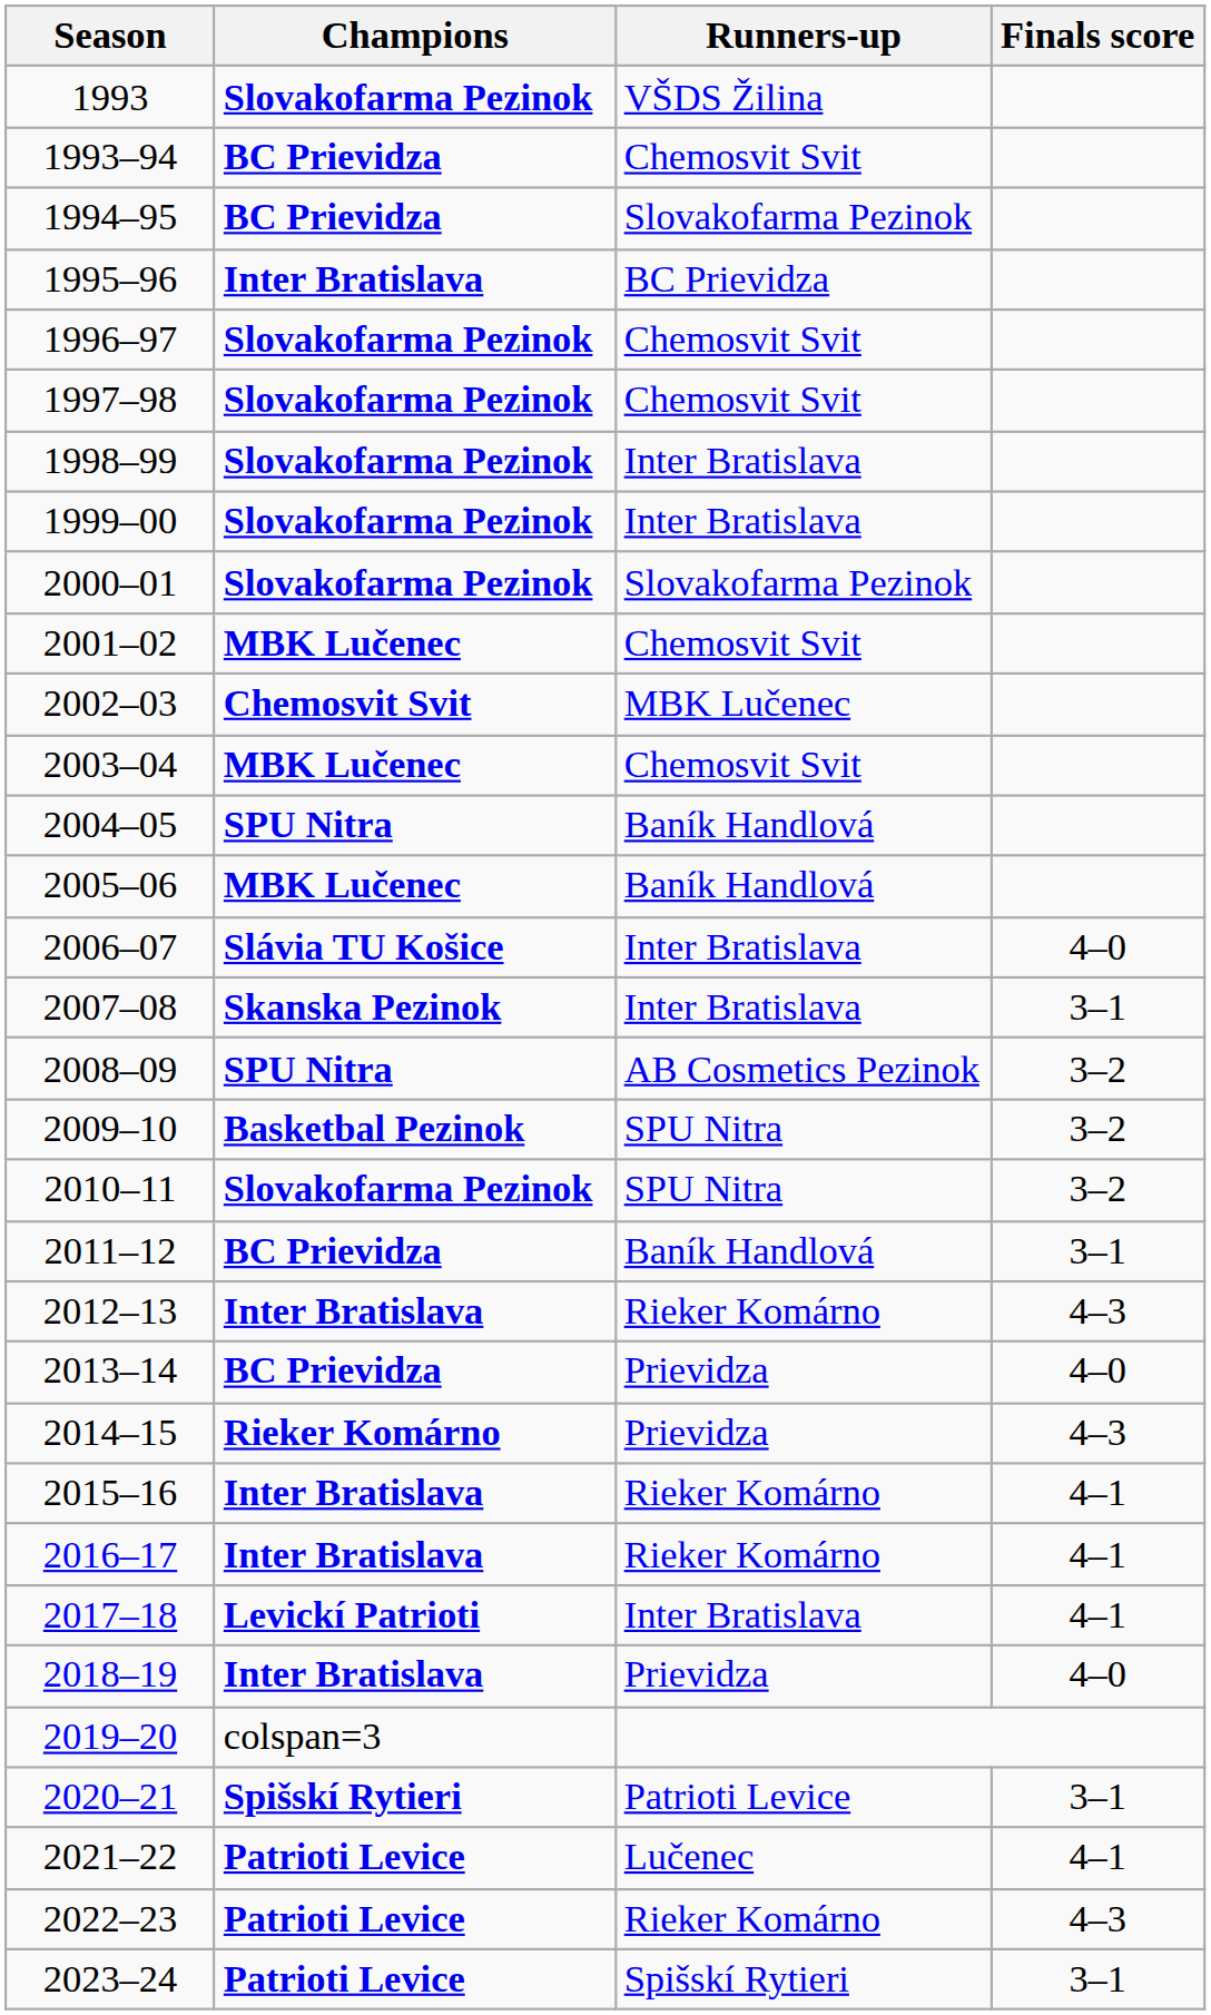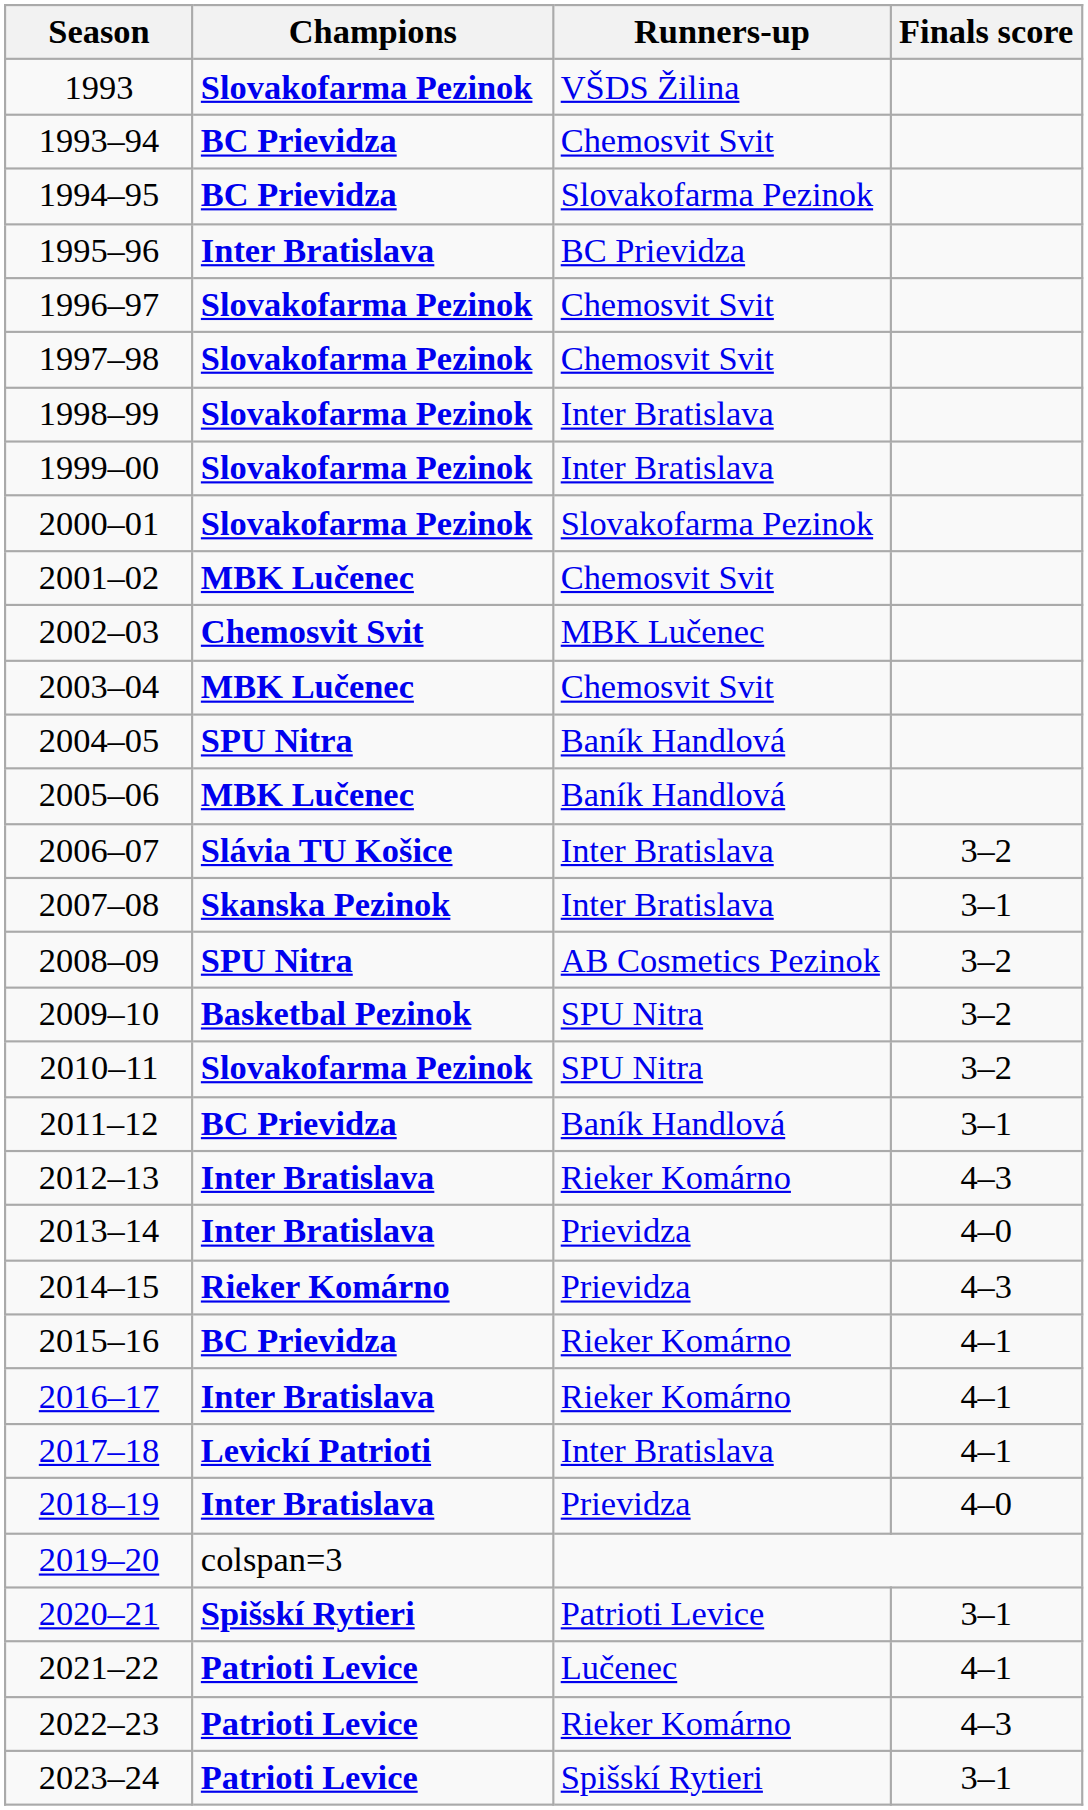 <table class="wikitable">
 <tr>
 <th style="width:80px">Season</th>
 <th style="width:160px">Champions</th>
 <th style="width:150px">Runners-up</th>
 <th>Finals score</th>
 </tr>
 <tr>
 <td align=center>1993</td>
 <td><strong><a href='#'>Slovakofarma Pezinok</a></strong></td>
 <td><a href='#'>VŠDS Žilina</a></td>
 <td></td>
 </tr>
 <tr>
 <td align=center>1993–94</td>
 <td><strong><a href='#'>BC Prievidza</a></strong></td>
 <td><a href='#'>Chemosvit Svit</a></td>
 <td></td>
 </tr>
 <tr>
 <td align=center>1994–95</td>
 <td><strong><a href='#'>BC Prievidza</a></strong></td>
 <td><a href='#'>Slovakofarma Pezinok</a></td>
 <td></td>
 </tr>
 <tr>
 <td align=center>1995–96</td>
 <td><strong><a href='#'>Inter Bratislava</a></strong></td>
 <td><a href='#'>BC Prievidza</a></td>
 <td></td>
 </tr>
 <tr>
 <td align=center>1996–97</td>
 <td><strong><a href='#'>Slovakofarma Pezinok</a></strong></td>
 <td><a href='#'>Chemosvit Svit</a></td>
 <td></td>
 </tr>
 <tr>
 <td align=center>1997–98</td>
 <td><strong><a href='#'>Slovakofarma Pezinok</a></strong></td>
 <td><a href='#'>Chemosvit Svit</a></td>
 <td></td>
 </tr>
 <tr>
 <td align=center>1998–99</td>
 <td><strong><a href='#'>Slovakofarma Pezinok</a></strong></td>
 <td><a href='#'>Inter Bratislava</a></td>
 <td></td>
 </tr>
 <tr>
 <td align=center>1999–00</td>
 <td><strong><a href='#'>Slovakofarma Pezinok</a></strong></td>
 <td><a href='#'>Inter Bratislava</a></td>
 <td></td>
 </tr>
 <tr>
 <td align=center>2000–01</td>
 <td><strong><a href='#'>Slovakofarma Pezinok</a></strong></td>
 <td><a href='#'>Slovakofarma Pezinok</a></td>
 <td></td>
 </tr>
 <tr>
 <td align=center>2001–02</td>
 <td><strong><a href='#'>MBK Lučenec</a></strong></td>
 <td><a href='#'>Chemosvit Svit</a></td>
 <td></td>
 </tr>
 <tr>
 <td align=center>2002–03</td>
 <td><strong><a href='#'>Chemosvit Svit</a></strong></td>
 <td><a href='#'>MBK Lučenec</a></td>
 <td></td>
 </tr>
 <tr>
 <td align=center>2003–04</td>
 <td><strong><a href='#'>MBK Lučenec</a></strong></td>
 <td><a href='#'>Chemosvit Svit</a></td>
 <td></td>
 </tr>
 <tr>
 <td align=center>2004–05</td>
 <td><strong><a href='#'>SPU Nitra</a></strong></td>
 <td><a href='#'>Baník Handlová</a></td>
 <td></td>
 </tr>
 <tr>
 <td align=center>2005–06</td>
 <td><strong><a href='#'>MBK Lučenec</a></strong></td>
 <td><a href='#'>Baník Handlová</a></td>
 <td></td>
 </tr>
 <tr>
 <td align=center>2006–07</td>
 <td><strong><a href='#'>Slávia TU Košice</a></strong></td>
 <td><a href='#'>Inter Bratislava</a></td>
-<td align=center>4–0</td>
+<td align=center>3–2</td>
 </tr>
 <tr>
 <td align=center>2007–08</td>
 <td><strong><a href='#'>Skanska Pezinok</a></strong></td>
 <td><a href='#'>Inter Bratislava</a></td>
 <td align=center>3–1</td>
 </tr>
 <tr>
 <td align=center>2008–09</td>
 <td><strong><a href='#'>SPU Nitra</a></strong></td>
 <td><a href='#'>AB Cosmetics Pezinok</a></td>
 <td align=center>3–2</td>
 </tr>
 <tr>
 <td align=center>2009–10</td>
 <td><strong><a href='#'>Basketbal Pezinok</a></strong></td>
 <td><a href='#'>SPU Nitra</a></td>
 <td align=center>3–2</td>
 </tr>
 <tr>
 <td align=center>2010–11</td>
 <td><strong><a href='#'>Slovakofarma Pezinok</a></strong></td>
 <td><a href='#'>SPU Nitra</a></td>
 <td align=center>3–2</td>
 </tr>
 <tr>
 <td align=center>2011–12</td>
 <td><strong><a href='#'>BC Prievidza</a></strong></td>
 <td><a href='#'>Baník Handlová</a></td>
 <td align=center>3–1</td>
 </tr>
 <tr>
 <td align=center>2012–13</td>
 <td><strong><a href='#'>Inter Bratislava</a></strong></td>
 <td><a href='#'>Rieker Komárno</a></td>
 <td align=center>4–3</td>
 </tr>
 <tr>
 <td align=center>2013–14</td>
-<td><strong><a href='#'>BC Prievidza</a></strong></td>
+<td><strong><a href='#'>Inter Bratislava</a></strong></td>
 <td><a href='#'>Prievidza</a></td>
 <td align=center>4–0</td>
 </tr>
 <tr>
 <td align=center>2014–15</td>
 <td><strong><a href='#'>Rieker Komárno</a></strong></td>
 <td><a href='#'>Prievidza</a></td>
 <td align=center>4–3</td>
 </tr>
 <tr>
 <td align=center>2015–16</td>
-<td><strong><a href='#'>Inter Bratislava</a></strong></td>
+<td><strong><a href='#'>BC Prievidza</a></strong></td>
 <td><a href='#'>Rieker Komárno</a></td>
 <td align=center>4–1</td>
 </tr>
 <tr>
 <td align=center><a href='#'>2016–17</a></td>
 <td><strong><a href='#'>Inter Bratislava</a></strong></td>
 <td><a href='#'>Rieker Komárno</a></td>
 <td align=center>4–1</td>
 </tr>
 <tr>
 <td align=center><a href='#'>2017–18</a></td>
 <td><strong><a href='#'>Levickí Patrioti</a></strong></td>
 <td><a href='#'>Inter Bratislava</a></td>
 <td align=center>4–1</td>
 </tr>
 <tr>
 <td align=center><a href='#'>2018–19</a></td>
 <td><strong><a href='#'>Inter Bratislava</a></strong></td>
 <td><a href='#'>Prievidza</a></td>
 <td align=center>4–0</td>
 </tr>
 <tr>
 <td align=center><a href='#'>2019–20</a></td>
 <td>colspan=3  </td>
 </tr>
 <tr>
 <td align=center><a href='#'>2020–21</a></td>
 <td><strong><a href='#'>Spišskí Rytieri</a></strong></td>
 <td><a href='#'>Patrioti Levice</a></td>
 <td align=center>3–1</td>
 </tr>
 <tr>
 <td align=center>2021–22</td>
 <td><strong><a href='#'>Patrioti Levice</a></strong></td>
 <td><a href='#'>Lučenec</a></td>
 <td align=center>4–1</td>
 </tr>
 <tr>
 <td align=center>2022–23</td>
 <td><strong><a href='#'>Patrioti Levice</a></strong></td>
 <td><a href='#'>Rieker Komárno</a></td>
 <td align=center>4–3</td>
 </tr>
 <tr>
 <td align=center>2023–24</td>
 <td><a href='#'><strong>Patrioti Levice</strong></a></td>
 <td><a href='#'>Spišskí Rytieri</a></td>
 <td align=center>3–1</td>
 </tr>
 </table>
